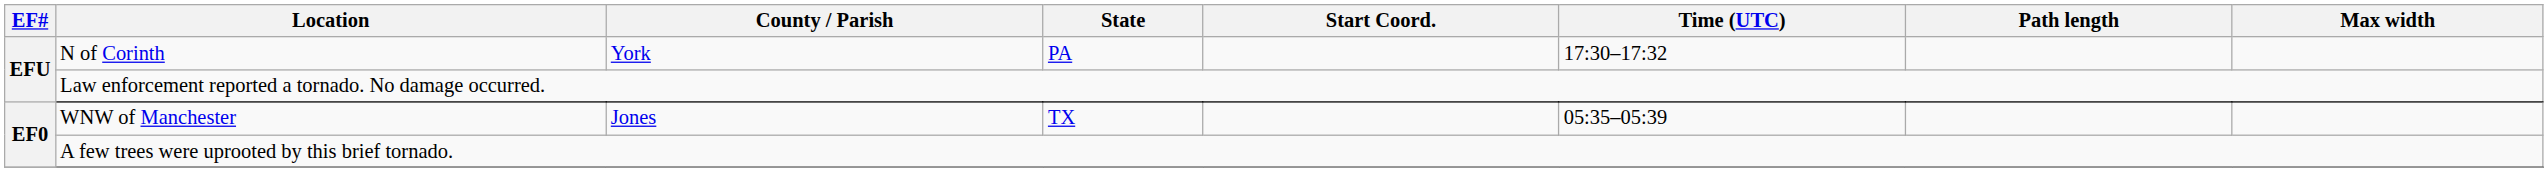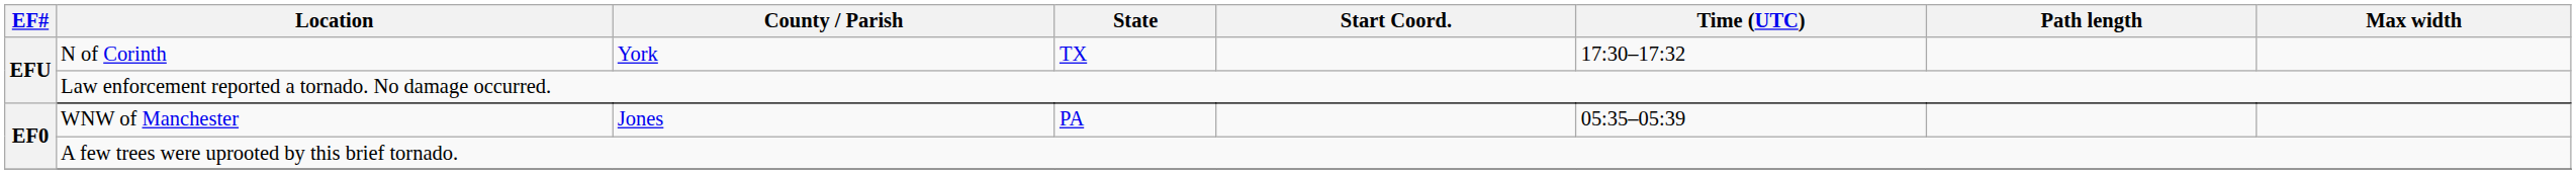 <table class="wikitable sortable" style="width:100%;">
 <tr>
 <th scope="col" width="2%" align="center"><a href='#'>EF#</a></th>
 <th scope="col" align="center" class="unsortable">Location</th>
 <th scope="col" align="center" class="unsortable">County / Parish</th>
 <th scope="col" align="center">State</th>
 <th scope="col" align="center">Start Coord.</th>
 <th scope="col" align="center">Time (<a href='#'>UTC</a>)</th>
 <th scope="col" align="center">Path length</th>
 <th scope="col" align="center">Max width</th>
 </tr>
 <tr>
 <th scope="row" rowspan="2" style="background-color:#">EFU</th>
 <td>N of <a href='#'>Corinth</a></td>
 <td><a href='#'>York</a></td>
-<td><a href='#'>PA</a></td>
+<td><a href='#'>TX</a></td>
 <td></td>
 <td>17:30–17:32</td>
 <td></td>
 <td></td>
 </tr>
 <tr class="expand-child">
 <td colspan="8" style=" border-bottom: 1px solid black;">Law enforcement reported a tornado. No damage occurred.</td>
 </tr>
 <tr>
 <th scope="row" rowspan="2" style="background-color:#">EF0</th>
 <td>WNW of <a href='#'>Manchester</a></td>
 <td><a href='#'>Jones</a></td>
-<td><a href='#'>TX</a></td>
+<td><a href='#'>PA</a></td>
 <td></td>
 <td>05:35–05:39</td>
 <td></td>
 <td></td>
 </tr>
 <tr class="expand-child">
 <td colspan="8" style=" border-bottom: 1px solid black;">A few trees were uprooted by this brief tornado.</td>
 </tr>
 <tr>
 </tr>
 </table>
